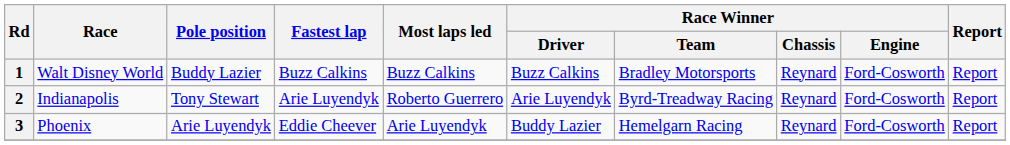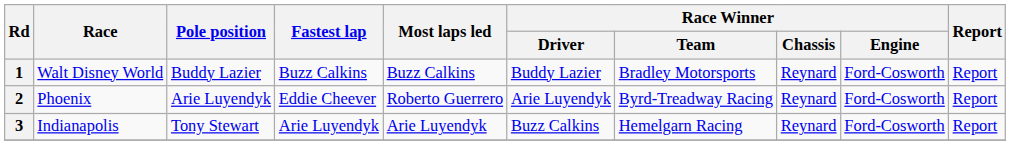 <table class="wikitable" style="font-size: 85%">
 <tr>
 <th rowspan="2">Rd</th>
 <th rowspan="2">Race</th>
 <th rowspan="2"><a href='#'>Pole position</a></th>
 <th rowspan="2"><a href='#'>Fastest lap</a></th>
 <th rowspan="2">Most laps led</th>
 <th colspan="4">Race Winner</th>
 <th rowspan="2">Report</th>
 </tr>
 <tr>
 <th>Driver</th>
 <th>Team</th>
 <th>Chassis</th>
 <th>Engine</th>
 </tr>
 <tr>
 <th>1</th>
 <td><a href='#'>Walt Disney World</a></td>
 <td> <a href='#'>Buddy Lazier</a></td>
 <td> <a href='#'>Buzz Calkins</a></td>
 <td> <a href='#'>Buzz Calkins</a></td>
-<td> <a href='#'>Buzz Calkins</a></td>
+<td> <a href='#'>Buddy Lazier</a></td>
 <td><a href='#'>Bradley Motorsports</a></td>
 <td><a href='#'>Reynard</a></td>
 <td><a href='#'>Ford-Cosworth</a></td>
 <td><a href='#'>Report</a></td>
 </tr>
 <tr>
 <th>2</th>
-<td><a href='#'>Indianapolis</a></td>
-<td> <a href='#'>Tony Stewart</a></td>
+<td><a href='#'>Phoenix</a></td>
 <td> <a href='#'>Arie Luyendyk</a></td>
+<td> <a href='#'>Eddie Cheever</a></td>
 <td> <a href='#'>Roberto Guerrero</a></td>
 <td> <a href='#'>Arie Luyendyk</a></td>
 <td><a href='#'>Byrd-Treadway Racing</a></td>
 <td><a href='#'>Reynard</a></td>
 <td><a href='#'>Ford-Cosworth</a></td>
 <td><a href='#'>Report</a></td>
 </tr>
 <tr>
 <th>3</th>
-<td><a href='#'>Phoenix</a></td>
+<td><a href='#'>Indianapolis</a></td>
+<td> <a href='#'>Tony Stewart</a></td>
 <td> <a href='#'>Arie Luyendyk</a></td>
-<td> <a href='#'>Eddie Cheever</a></td>
 <td> <a href='#'>Arie Luyendyk</a></td>
-<td> <a href='#'>Buddy Lazier</a></td>
+<td> <a href='#'>Buzz Calkins</a></td>
 <td><a href='#'>Hemelgarn Racing</a></td>
 <td><a href='#'>Reynard</a></td>
 <td><a href='#'>Ford-Cosworth</a></td>
 <td><a href='#'>Report</a></td>
 </tr>
 <tr>
 </tr>
 </table>
